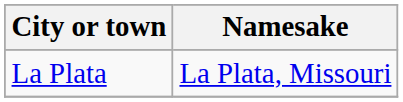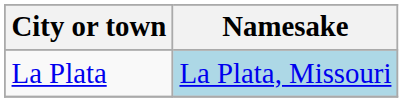 <table class="wikitable">
 <tr>
 <th>City or town</th>
 <th>Namesake</th>
 </tr>
 <tr>
 <td><a href='#'>La Plata</a></td>
-<td><a href='#'>La Plata, Missouri</a></td>
+<td style="background: lightblue;"><a href='#'>La Plata, Missouri</a></td>
 </tr>
 <tr>
 </tr>
 </table>
